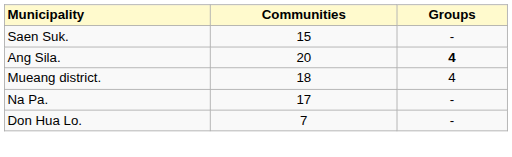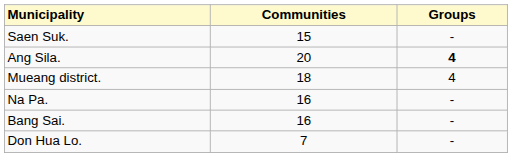 <table class="wikitable" style="width:48%; display:inline-table;">
 <tr>
 <td style= "background: #fffacd;"><strong>Municipality</strong></td>
 <td style= "background: #fffacd; text-align:center;"><strong>Communities</strong></td>
 <td style= "background: #fffacd; text-align:center;"><strong>Groups</strong></td>
 </tr>
 <tr>
 <td>Saen Suk.</td>
 <td style="text-align:center;">15</td>
 <td style="text-align:center;">-</td>
 </tr>
 <tr>
 <td>Ang Sila.</td>
 <td style="text-align:center;">20</td>
 <td style="text-align:center;"><strong>4</strong></td>
 </tr>
 <tr>
 <td>Mueang district.</td>
 <td style="text-align:center;">18</td>
 <td style="text-align:center;">4</td>
 </tr>
 <tr>
 <td>Na Pa.</td>
-<td style="text-align:center;">17</td>
+<td style="text-align:center;">16</td>
+<td style="text-align:center;">-</td>
+</tr>
+<tr>
+<td>Bang Sai.</td>
+<td style="text-align:center;">16</td>
 <td style="text-align:center;">-</td>
 </tr>
 <tr>
 <td>Don Hua Lo.</td>
 <td style="text-align:center;">7</td>
 <td style="text-align:center;">-</td>
 </tr>
 </table>
